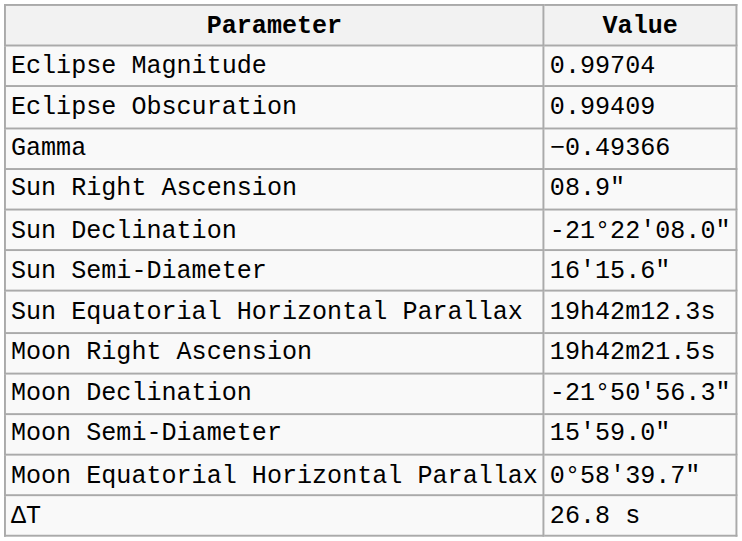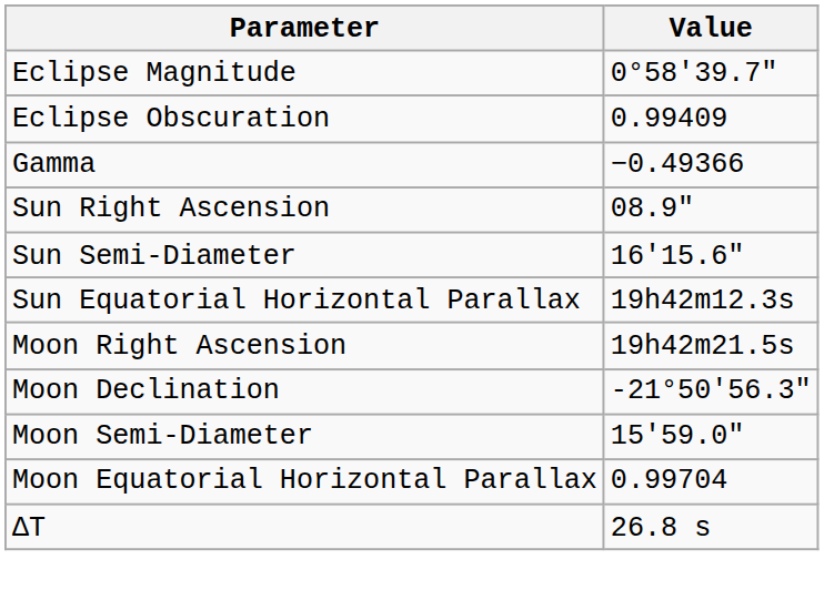 <table class="wikitable">
 <tr>
 <th>Parameter</th>
 <th>Value</th>
 </tr>
 <tr>
 <td>Eclipse Magnitude</td>
-<td>0.99704</td>
+<td>0°58'39.7"</td>
 </tr>
 <tr>
 <td>Eclipse Obscuration</td>
 <td>0.99409</td>
 </tr>
 <tr>
 <td>Gamma</td>
 <td>−0.49366</td>
 </tr>
 <tr>
 <td>Sun Right Ascension</td>
 <td>08.9"</td>
-</tr>
-<tr>
-<td>Sun Declination</td>
-<td>-21°22'08.0"</td>
 </tr>
 <tr>
 <td>Sun Semi-Diameter</td>
 <td>16'15.6"</td>
 </tr>
 <tr>
 <td>Sun Equatorial Horizontal Parallax</td>
 <td>19h42m12.3s</td>
 </tr>
 <tr>
 <td>Moon Right Ascension</td>
 <td>19h42m21.5s</td>
 </tr>
 <tr>
 <td>Moon Declination</td>
 <td>-21°50'56.3"</td>
 </tr>
 <tr>
 <td>Moon Semi-Diameter</td>
 <td>15'59.0"</td>
 </tr>
 <tr>
 <td>Moon Equatorial Horizontal Parallax</td>
-<td>0°58'39.7"</td>
+<td>0.99704</td>
 </tr>
 <tr>
 <td>ΔT</td>
 <td>26.8 s</td>
 </tr>
 </table>
